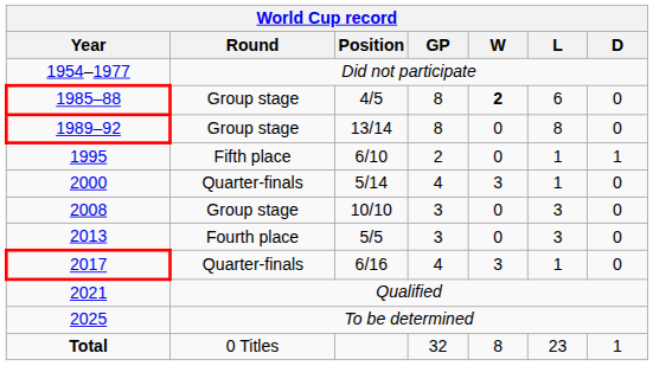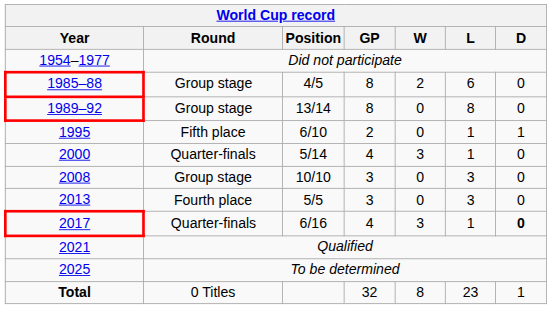 <table class="wikitable" style="text-align: center;">
 <tr>
 <th colspan=9><a href='#'>World Cup record</a></th>
 </tr>
 <tr>
 <th width=150>Year</th>
 <th width=150>Round</th>
 <th width=50>Position</th>
 <th width=50>GP</th>
 <th width=50>W</th>
 <th width=50>L</th>
 <th width=50>D</th>
 </tr>
 <tr>
 <td><a href='#'>1954</a>–<a href='#'>1977</a></td>
 <td colspan="6"><em>Did not participate</em></td>
 </tr>
 <tr>
 <td style="border: 3px solid red"> <a href='#'>1985–88</a></td>
 <td>Group stage</td>
 <td>4/5</td>
 <td>8</td>
-<td><strong>2</strong></td>
+<td>2</td>
 <td>6</td>
 <td>0</td>
 </tr>
 <tr>
 <td style="border: 3px solid red"> <a href='#'>1989–92</a></td>
 <td>Group stage</td>
 <td>13/14</td>
 <td>8</td>
 <td>0</td>
 <td>8</td>
 <td>0</td>
 </tr>
 <tr>
 <td> <a href='#'>1995</a></td>
 <td>Fifth place</td>
 <td>6/10</td>
 <td>2</td>
 <td>0</td>
 <td>1</td>
 <td>1</td>
 </tr>
 <tr>
 <td> <a href='#'>2000</a></td>
 <td>Quarter-finals</td>
 <td>5/14</td>
 <td>4</td>
 <td>3</td>
 <td>1</td>
 <td>0</td>
 </tr>
 <tr>
 <td> <a href='#'>2008</a></td>
 <td>Group stage</td>
 <td>10/10</td>
 <td>3</td>
 <td>0</td>
 <td>3</td>
 <td>0</td>
 </tr>
 <tr>
 <td> <a href='#'>2013</a></td>
 <td>Fourth place</td>
 <td>5/5</td>
 <td>3</td>
 <td>0</td>
 <td>3</td>
 <td>0</td>
 </tr>
 <tr>
 <td style="border: 3px solid red"> <a href='#'>2017</a></td>
 <td>Quarter-finals</td>
 <td>6/16</td>
 <td>4</td>
 <td>3</td>
 <td>1</td>
-<td>0</td>
+<td><strong>0</strong></td>
 </tr>
 <tr>
 <td> <a href='#'>2021</a></td>
 <td colspan="6"><em>Qualified</em></td>
 </tr>
 <tr>
 <td> <a href='#'>2025</a></td>
 <td colspan="6"><em>To be determined</em></td>
 </tr>
 <tr>
 <td><strong>Total</strong></td>
 <td>0 Titles</td>
 <td></td>
 <td>32</td>
 <td>8</td>
 <td>23</td>
 <td>1</td>
 </tr>
 </table>
